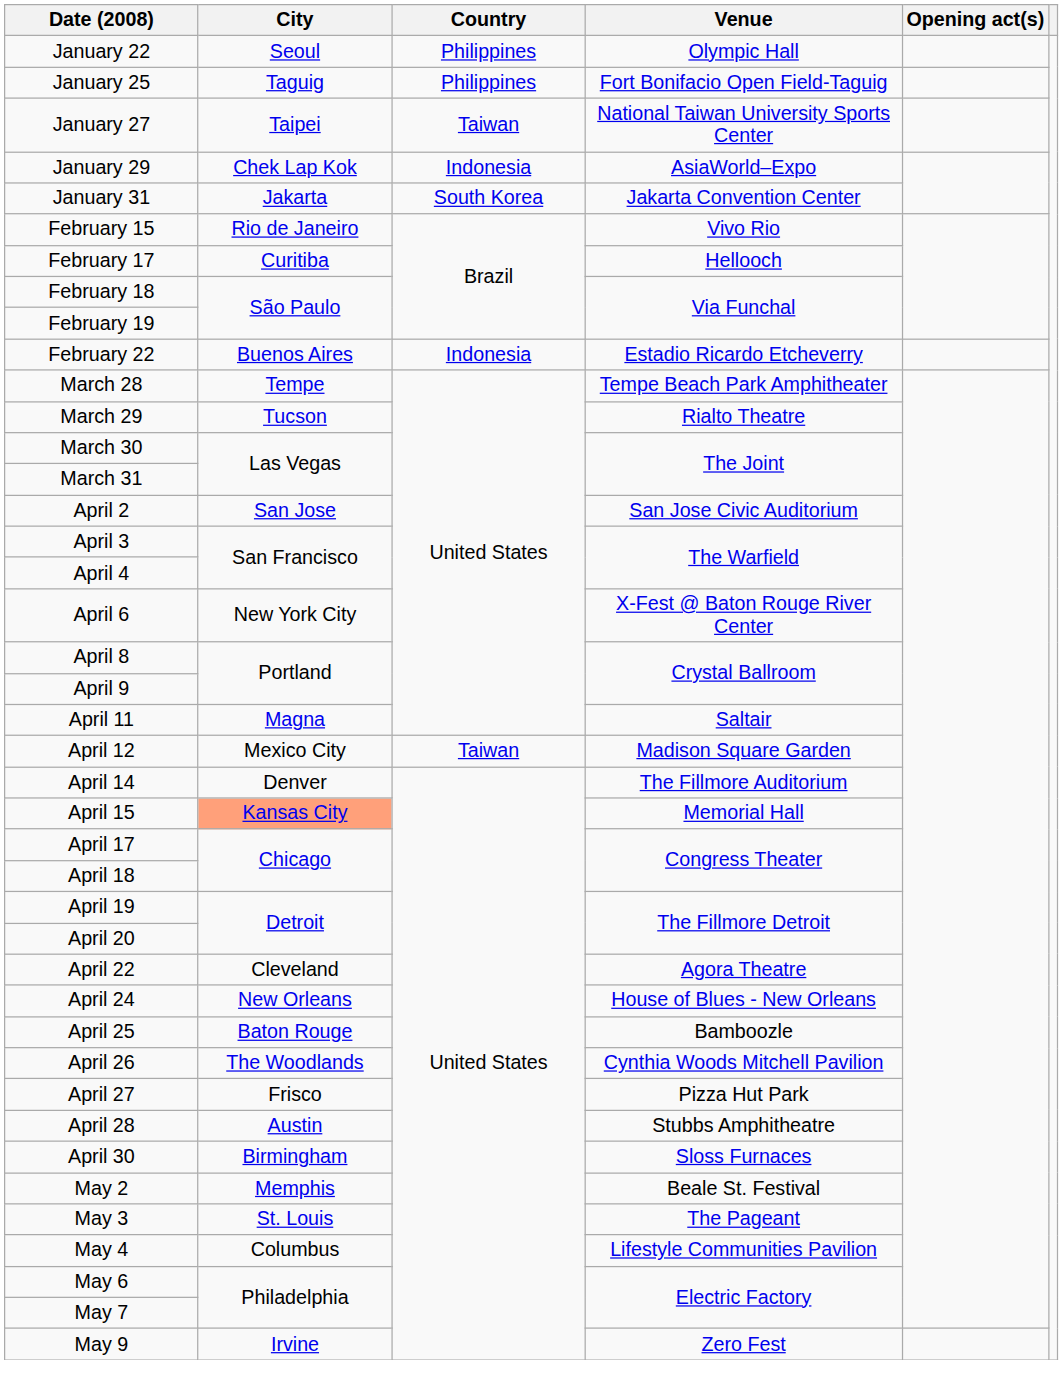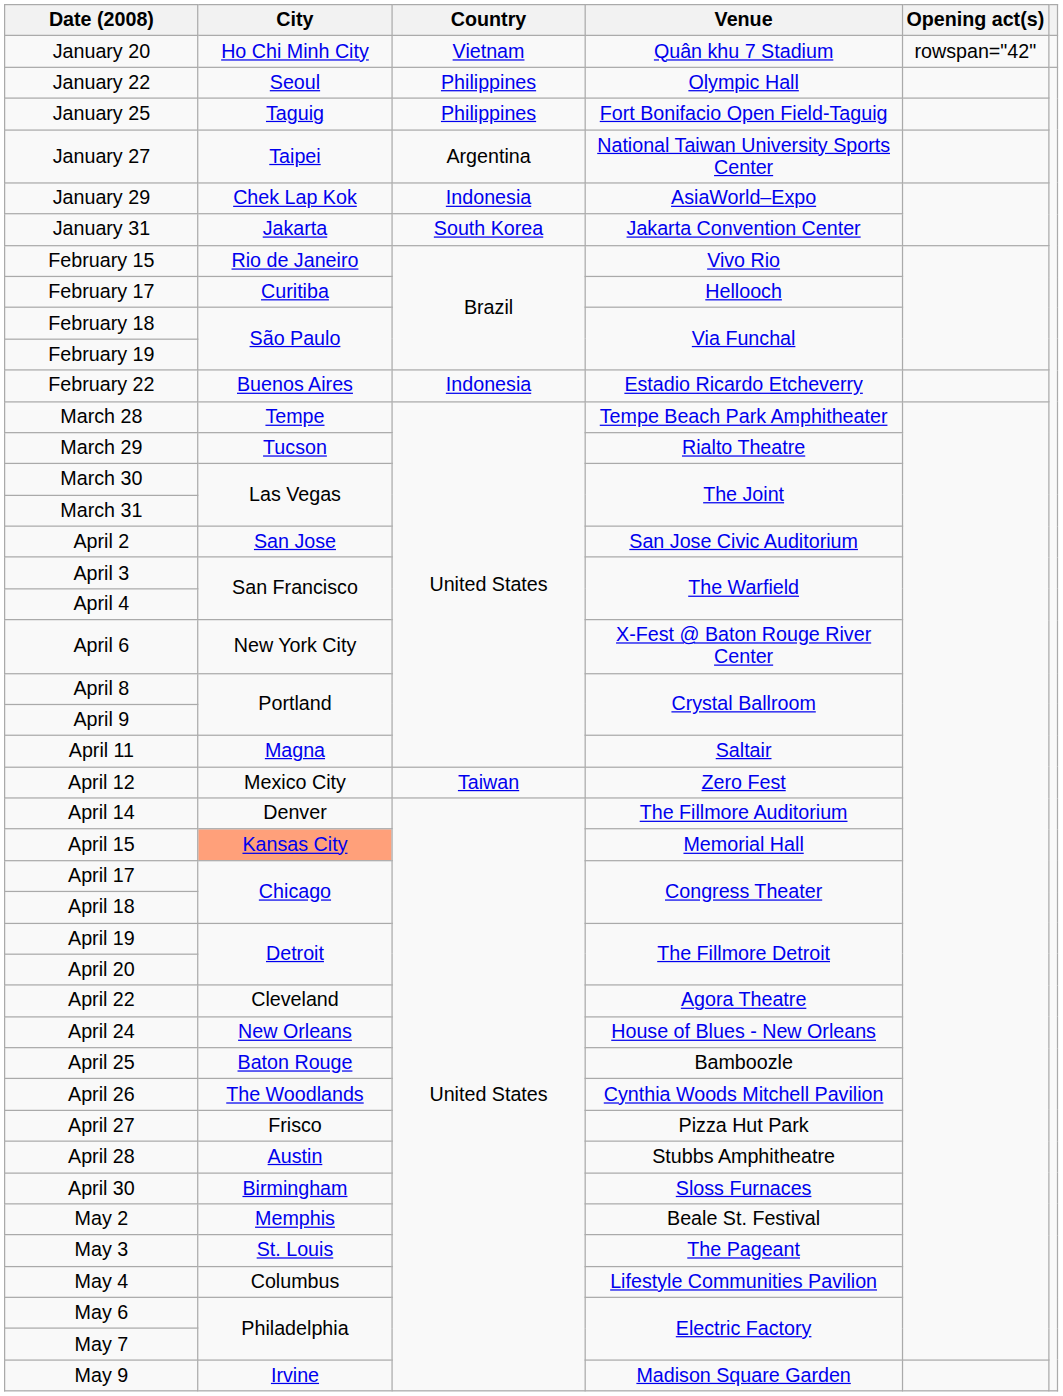 <table class="wikitable" style="text-align:center;">
 <tr>
 <th style="width:150px;">Date (2008)</th>
 <th style="width:150px;">City</th>
 <th style="width:150px;">Country</th>
 <th style="width:250px;">Venue</th>
 <th>Opening act(s)</th>
 <th></th>
+</tr>
+<tr>
+<td>January 20</td>
+<td><a href='#'>Ho Chi Minh City</a></td>
+<td><a href='#'>Vietnam</a></td>
+<td><a href='#'>Quân khu 7 Stadium</a></td>
+<td>rowspan="42" </td>
+<td></td>
 </tr>
 <tr>
 <td>January 22</td>
 <td><a href='#'>Seoul</a></td>
 <td><a href='#'>Philippines</a></td>
 <td><a href='#'>Olympic Hall</a></td>
 <td></td>
 </tr>
 <tr>
 <td>January 25</td>
 <td><a href='#'>Taguig</a></td>
 <td><a href='#'>Philippines</a></td>
 <td><a href='#'>Fort Bonifacio Open Field-Taguig</a></td>
 <td></td>
 </tr>
 <tr>
 <td>January 27</td>
 <td><a href='#'>Taipei</a></td>
-<td><a href='#'>Taiwan</a></td>
+<td>Argentina</td>
 <td><a href='#'>National Taiwan University Sports Center</a></td>
 <td></td>
 </tr>
 <tr>
 <td>January 29</td>
 <td><a href='#'>Chek Lap Kok</a></td>
 <td><a href='#'>Indonesia</a></td>
 <td><a href='#'>AsiaWorld–Expo</a></td>
 <td rowspan="2"></td>
 </tr>
 <tr>
 <td>January 31</td>
 <td><a href='#'>Jakarta</a></td>
 <td><a href='#'>South Korea</a></td>
 <td><a href='#'>Jakarta Convention Center</a></td>
 </tr>
 <tr>
 <td>February 15</td>
 <td><a href='#'>Rio de Janeiro</a></td>
 <td rowspan="4">Brazil</td>
 <td><a href='#'>Vivo Rio</a></td>
 <td rowspan="4"></td>
 </tr>
 <tr>
 <td>February 17</td>
 <td><a href='#'>Curitiba</a></td>
 <td><a href='#'>Hellooch</a></td>
 </tr>
 <tr>
 <td>February 18</td>
 <td rowspan="2"><a href='#'>São Paulo</a></td>
 <td rowspan="2"><a href='#'>Via Funchal</a></td>
 </tr>
 <tr>
 <td>February 19</td>
 </tr>
 <tr>
 <td>February 22</td>
 <td><a href='#'>Buenos Aires</a></td>
 <td><a href='#'>Indonesia</a></td>
 <td><a href='#'>Estadio Ricardo Etcheverry</a></td>
 <td></td>
 </tr>
 <tr>
 <td>March 28</td>
 <td><a href='#'>Tempe</a></td>
 <td rowspan="11">United States</td>
 <td><a href='#'>Tempe Beach Park Amphitheater</a></td>
 <td rowspan="30"></td>
 </tr>
 <tr>
 <td>March 29</td>
 <td><a href='#'>Tucson</a></td>
 <td><a href='#'>Rialto Theatre</a></td>
 </tr>
 <tr>
 <td>March 30</td>
 <td rowspan="2">Las Vegas</td>
 <td rowspan="2"><a href='#'>The Joint</a></td>
 </tr>
 <tr>
 <td>March 31</td>
 </tr>
 <tr>
 <td>April 2</td>
 <td><a href='#'>San Jose</a></td>
 <td><a href='#'>San Jose Civic Auditorium</a></td>
 </tr>
 <tr>
 <td>April 3</td>
 <td rowspan="2">San Francisco</td>
 <td rowspan="2"><a href='#'>The Warfield</a></td>
 </tr>
 <tr>
 <td>April 4</td>
 </tr>
 <tr>
 <td>April 6</td>
 <td>New York City</td>
 <td><a href='#'>X-Fest @ Baton Rouge River Center</a></td>
 </tr>
 <tr>
 <td>April 8</td>
 <td rowspan="2">Portland</td>
 <td rowspan="2"><a href='#'>Crystal Ballroom</a></td>
 </tr>
 <tr>
 <td>April 9</td>
 </tr>
 <tr>
 <td>April 11</td>
 <td><a href='#'>Magna</a></td>
 <td><a href='#'>Saltair</a></td>
 </tr>
 <tr>
 <td>April 12</td>
 <td>Mexico City</td>
 <td><a href='#'>Taiwan</a></td>
-<td><a href='#'>Madison Square Garden</a></td>
+<td><a href='#'>Zero Fest</a></td>
 </tr>
 <tr>
 <td>April 14</td>
 <td>Denver</td>
 <td rowspan="19">United States</td>
 <td><a href='#'>The Fillmore Auditorium</a></td>
 </tr>
 <tr>
 <td>April 15</td>
 <td style="background: lightsalmon;"><a href='#'>Kansas City</a></td>
 <td><a href='#'>Memorial Hall</a></td>
 </tr>
 <tr>
 <td>April 17</td>
 <td rowspan="2"><a href='#'>Chicago</a></td>
 <td rowspan="2"><a href='#'>Congress Theater</a></td>
 </tr>
 <tr>
 <td>April 18</td>
 </tr>
 <tr>
 <td>April 19</td>
 <td rowspan="2"><a href='#'>Detroit</a></td>
 <td rowspan="2"><a href='#'>The Fillmore Detroit</a></td>
 </tr>
 <tr>
 <td>April 20</td>
 </tr>
 <tr>
 <td>April 22</td>
 <td>Cleveland</td>
 <td><a href='#'>Agora Theatre</a></td>
 </tr>
 <tr>
 <td>April 24</td>
 <td><a href='#'>New Orleans</a></td>
 <td><a href='#'>House of Blues - New Orleans</a></td>
 </tr>
 <tr>
 <td>April 25</td>
 <td><a href='#'>Baton Rouge</a></td>
 <td>Bamboozle</td>
 </tr>
 <tr>
 <td>April 26</td>
 <td><a href='#'>The Woodlands</a></td>
 <td><a href='#'>Cynthia Woods Mitchell Pavilion</a></td>
 </tr>
 <tr>
 <td>April 27</td>
 <td>Frisco</td>
 <td>Pizza Hut Park</td>
 </tr>
 <tr>
 <td>April 28</td>
 <td><a href='#'>Austin</a></td>
 <td>Stubbs Amphitheatre</td>
 </tr>
 <tr>
 <td>April 30</td>
 <td><a href='#'>Birmingham</a></td>
 <td><a href='#'>Sloss Furnaces</a></td>
 </tr>
 <tr>
 <td>May 2</td>
 <td><a href='#'>Memphis</a></td>
 <td>Beale St. Festival</td>
 </tr>
 <tr>
 <td>May 3</td>
 <td><a href='#'>St. Louis</a></td>
 <td><a href='#'>The Pageant</a></td>
 </tr>
 <tr>
 <td>May 4</td>
 <td>Columbus</td>
 <td><a href='#'>Lifestyle Communities Pavilion</a></td>
 </tr>
 <tr>
 <td>May 6</td>
 <td rowspan="2">Philadelphia</td>
 <td rowspan="2"><a href='#'>Electric Factory</a></td>
 </tr>
 <tr>
 <td>May 7</td>
 </tr>
 <tr>
 <td>May 9</td>
 <td><a href='#'>Irvine</a></td>
-<td><a href='#'>Zero Fest</a></td>
+<td><a href='#'>Madison Square Garden</a></td>
 <td></td>
 </tr>
 </table>
